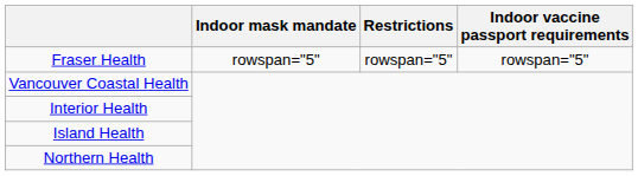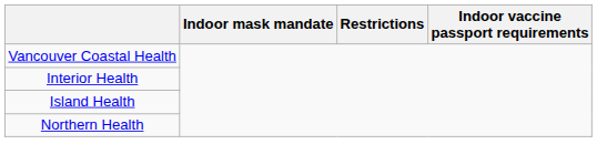 <table class="wikitable" style="text-align:center;">
 <tr>
 <th></th>
 <th>Indoor mask mandate</th>
 <th>Restrictions</th>
 <th>Indoor vaccine<br>passport requirements</th>
-</tr>
-<tr>
-<td><a href='#'>Fraser Health</a></td>
-<td>rowspan="5" </td>
-<td>rowspan="5" </td>
-<td>rowspan="5" </td>
 </tr>
 <tr>
 <td><a href='#'>Vancouver Coastal Health</a></td>
 </tr>
 <tr>
 <td><a href='#'>Interior Health</a></td>
 </tr>
 <tr>
 <td><a href='#'>Island Health</a></td>
 </tr>
 <tr>
 <td><a href='#'>Northern Health</a></td>
 </tr>
 </table>
